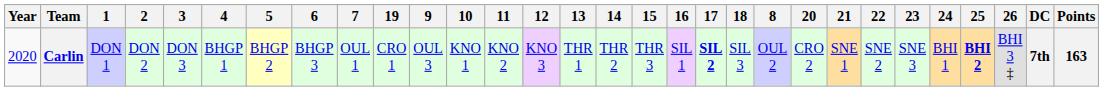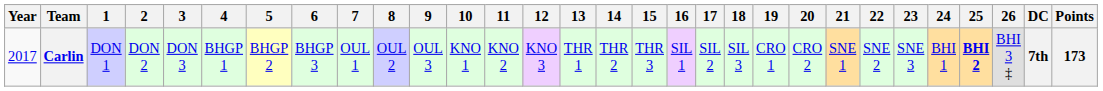 <table class="wikitable" style="text-align:center; font-size:85%">
 <tr>
 <th>Year</th>
 <th>Team</th>
 <th>1</th>
 <th>2</th>
 <th>3</th>
 <th>4</th>
 <th>5</th>
 <th>6</th>
 <th>7</th>
-<th>19</th>
+<th>8</th>
 <th>9</th>
 <th>10</th>
 <th>11</th>
 <th>12</th>
 <th>13</th>
 <th>14</th>
 <th>15</th>
 <th>16</th>
 <th>17</th>
 <th>18</th>
-<th>8</th>
+<th>19</th>
 <th>20</th>
 <th>21</th>
 <th>22</th>
 <th>23</th>
 <th>24</th>
 <th>25</th>
 <th>26</th>
 <th>DC</th>
 <th>Points</th>
 </tr>
 <tr>
-<td><a href='#'>2020</a></td>
+<td><a href='#'>2017</a></td>
 <th nowrap><a href='#'>Carlin</a></th>
 <td style="background:#CFCFFF"><a href='#'>DON<br>1</a><br></td>
 <td style="background:#DFFFDF"><a href='#'>DON<br>2</a><br></td>
 <td style="background:#DFFFDF"><a href='#'>DON<br>3</a><br></td>
 <td style="background:#DFFFDF"><a href='#'>BHGP<br>1</a><br></td>
 <td style="background:#FFFFBF"><a href='#'>BHGP<br>2</a><br></td>
 <td style="background:#DFFFDF"><a href='#'>BHGP<br>3</a><br></td>
 <td style="background:#DFFFDF"><a href='#'>OUL<br>1</a><br></td>
-<td style="background:#DFFFDF"><a href='#'>CRO<br>1</a><br></td>
+<td style="background:#CFCFFF"><a href='#'>OUL<br>2</a><br></td>
 <td style="background:#DFFFDF"><a href='#'>OUL<br>3</a><br></td>
 <td style="background:#DFFFDF"><a href='#'>KNO<br>1</a><br></td>
 <td style="background:#DFFFDF"><a href='#'>KNO<br>2</a><br></td>
 <td style="background:#EFCFFF"><a href='#'>KNO<br>3</a><br></td>
 <td style="background:#DFFFDF"><a href='#'>THR<br>1</a><br></td>
 <td style="background:#DFFFDF"><a href='#'>THR<br>2</a><br></td>
 <td style="background:#DFFFDF"><a href='#'>THR<br>3</a><br></td>
 <td style="background:#EFCFFF"><a href='#'>SIL<br>1</a><br></td>
-<td style="background:#DFFFDF"><strong><a href='#'>SIL<br>2</a><br></strong></td>
+<td style="background:#DFFFDF"><a href='#'>SIL<br>2</a><br></td>
 <td style="background:#DFFFDF"><a href='#'>SIL<br>3</a><br></td>
-<td style="background:#CFCFFF"><a href='#'>OUL<br>2</a><br></td>
+<td style="background:#DFFFDF"><a href='#'>CRO<br>1</a><br></td>
 <td style="background:#DFFFDF"><a href='#'>CRO<br>2</a><br></td>
 <td style="background:#FFDF9F"><a href='#'>SNE<br>1</a><br></td>
 <td style="background:#DFFFDF"><a href='#'>SNE<br>2</a><br></td>
 <td style="background:#DFFFDF"><a href='#'>SNE<br>3</a><br></td>
 <td style="background:#FFDF9F"><a href='#'>BHI<br>1</a><br></td>
 <td style="background:#FFDF9F"><strong><a href='#'>BHI<br>2</a><br></strong></td>
 <td style="background:#DFDFDF"><a href='#'>BHI<br>3</a><br>‡</td>
 <th>7th</th>
-<th>163</th>
+<th>173</th>
 </tr>
 </table>
